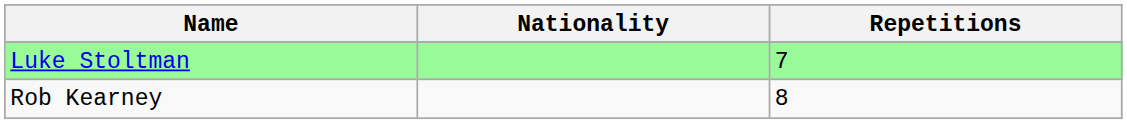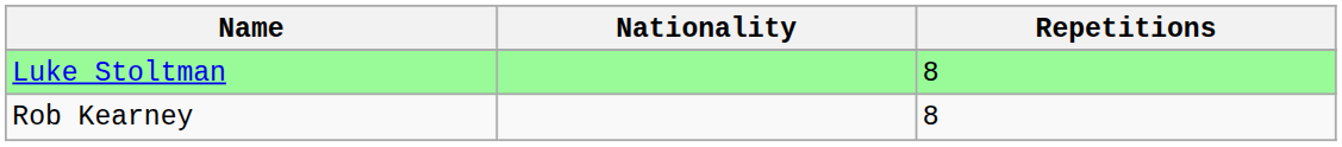 <table class="wikitable" style="display: inline-table; width: 50%;">
 <tr>
 <th>Name</th>
 <th>Nationality</th>
 <th>Repetitions</th>
 </tr>
 <tr>
 </tr>
 <tr style="background:palegreen">
 <td><a href='#'>Luke Stoltman</a></td>
 <td></td>
-<td>7</td>
+<td>8</td>
 </tr>
 <tr>
 <td>Rob Kearney</td>
 <td></td>
 <td>8</td>
 </tr>
 </table>
